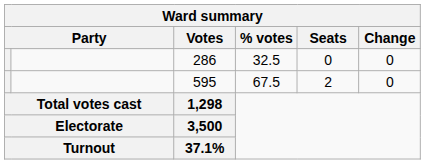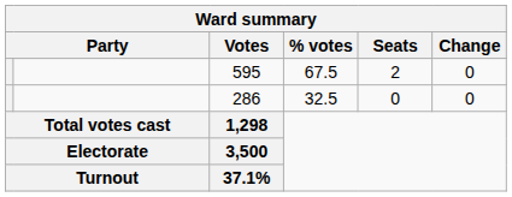 <table class="wikitable" style="font-size: 95%;">
 <tr style="background-color:#E9E9E9">
 <th colspan="6">Ward summary</th>
 </tr>
 <tr style="background-color:#E9E9E9">
 <th colspan="2">Party</th>
 <th style="width: 60px">Votes</th>
 <th style="width: 60px">% votes</th>
 <th style="width: 60px">Seats</th>
 <th style="width: 60px">Change</th>
 </tr>
 <tr>
 <th style="background-color: "></th>
 <td style="width: 170px"><a href='#'></a></td>
-<td align="center">286</td>
-<td align="center">32.5</td>
-<td align="center">0</td>
+<td align="center">595</td>
+<td align="center">67.5</td>
+<td align="center">2</td>
 <td align="center">0</td>
 </tr>
 <tr>
 <th style="background-color: "></th>
 <td style="width: 170px"><a href='#'></a></td>
-<td align="center">595</td>
-<td align="center">67.5</td>
-<td align="center">2</td>
+<td align="center">286</td>
+<td align="center">32.5</td>
+<td align="center">0</td>
 <td align="center">0</td>
 </tr>
 <tr style="background-color:#E9E9E9">
 <th colspan="2">Total votes cast</th>
 <th style="width: 60px">1,298</th>
 </tr>
 <tr style="background-color:#E9E9E9">
 <th colspan="2">Electorate</th>
 <th style="width: 60px">3,500</th>
 </tr>
 <tr style="background-color:#E9E9E9">
 <th colspan="2">Turnout</th>
 <th style="width: 60px">37.1%</th>
 </tr>
 </table>
